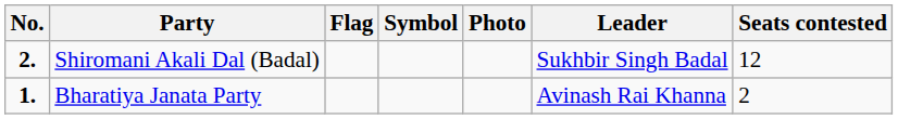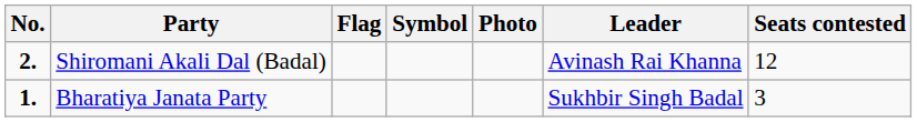 <table class="wikitable">
 <tr>
 <th>No.</th>
 <th>Party</th>
 <th>Flag</th>
 <th>Symbol</th>
 <th>Photo</th>
 <th>Leader</th>
 <th>Seats contested</th>
 </tr>
 <tr>
 <td style="text-align:center; background:"><strong>2.</strong></td>
 <td><a href='#'>Shiromani Akali Dal</a> (Badal)</td>
 <td></td>
 <td></td>
 <td></td>
-<td><a href='#'>Sukhbir Singh Badal</a></td>
+<td><a href='#'>Avinash Rai Khanna</a></td>
 <td>12</td>
 </tr>
 <tr>
 <td style="text-align:center; background:"><strong>1.</strong></td>
 <td><a href='#'>Bharatiya Janata Party</a></td>
 <td></td>
 <td></td>
 <td></td>
-<td><a href='#'>Avinash Rai Khanna</a></td>
-<td>2</td>
+<td><a href='#'>Sukhbir Singh Badal</a></td>
+<td>3</td>
 </tr>
 </table>
